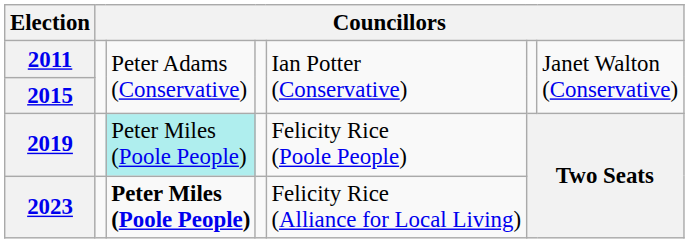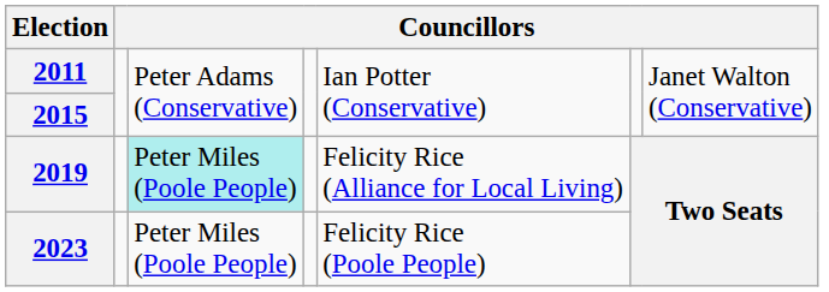 <table class="wikitable">
 <tr>
 <th>Election</th>
 <th colspan="6">Councillors</th>
 </tr>
 <tr>
 <th><a href='#'>2011</a></th>
 <td rowspan="2" style="background-color: "></td>
 <td rowspan="2">Peter Adams<br>(<a href='#'>Conservative</a>)</td>
 <td rowspan="2" style="background-color: "></td>
 <td rowspan="2">Ian Potter<br>(<a href='#'>Conservative</a>)</td>
 <td rowspan="2" style="background-color: "></td>
 <td rowspan="2">Janet Walton<br>(<a href='#'>Conservative</a>)</td>
 </tr>
 <tr>
 <th><a href='#'>2015</a></th>
 </tr>
 <tr>
 <th><a href='#'>2019</a></th>
 <td style="background-color: "></td>
 <td style="background: paleturquoise;">Peter Miles<br>(<a href='#'>Poole People</a>)</td>
 <td style="background-color: "></td>
-<td>Felicity Rice<br>(<a href='#'>Poole People</a>)</td>
+<td>Felicity Rice<br>(<a href='#'>Alliance for Local Living</a>)</td>
 <th colspan="2" rowspan="2">Two Seats</th>
 </tr>
 <tr>
 <th><a href='#'>2023</a></th>
 <td style="background-color: "></td>
-<td><strong>Peter Miles<br>(<a href='#'>Poole People</a>)</strong></td>
+<td>Peter Miles<br>(<a href='#'>Poole People</a>)</td>
 <td style="background-color: "></td>
-<td>Felicity Rice<br>(<a href='#'>Alliance for Local Living</a>)</td>
+<td>Felicity Rice<br>(<a href='#'>Poole People</a>)</td>
 </tr>
 </table>
